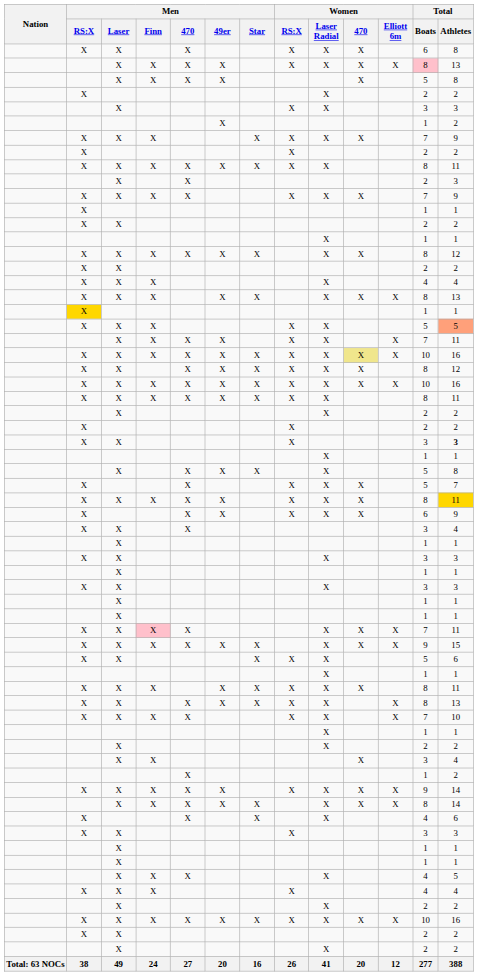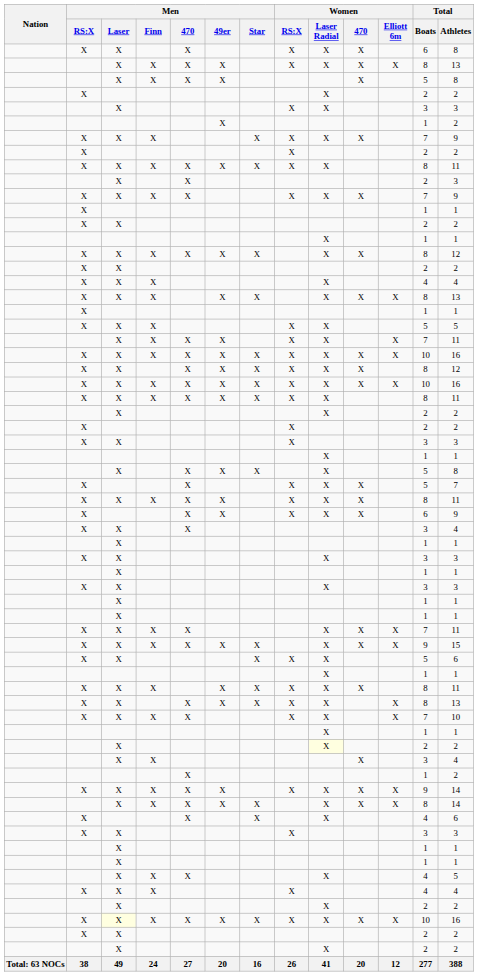 <table class=wikitable style="text-align:center; font-size:90%">
 <tr>
 <th rowspan="2" align="left">Nation</th>
 <th colspan="6">Men</th>
 <th colspan="4">Women</th>
 <th colspan=2>Total</th>
 </tr>
 <tr>
 <th width=50><a href='#'>RS:X</a></th>
 <th width=50><a href='#'>Laser</a></th>
 <th width=50><a href='#'>Finn</a></th>
 <th width=50><a href='#'>470</a></th>
 <th width=50><a href='#'>49er</a></th>
 <th width=50><a href='#'>Star</a></th>
 <th width=50><a href='#'>RS:X</a></th>
 <th width=50><a href='#'>Laser Radial</a></th>
 <th width=50><a href='#'>470</a></th>
 <th width=50><a href='#'>Elliott 6m</a></th>
 <th width=35>Boats</th>
 <th width=49>Athletes</th>
 </tr>
 <tr>
 <td align=left></td>
 <td>X</td>
 <td>X</td>
 <td></td>
 <td>X</td>
 <td></td>
 <td></td>
 <td>X</td>
 <td>X</td>
 <td>X</td>
 <td></td>
 <td>6</td>
 <td>8</td>
 </tr>
 <tr>
 <td align=left></td>
 <td></td>
 <td>X</td>
 <td>X</td>
 <td>X</td>
 <td>X</td>
 <td></td>
 <td>X</td>
 <td>X</td>
 <td>X</td>
 <td>X</td>
-<td style="background: pink;">8</td>
+<td>8</td>
 <td>13</td>
 </tr>
 <tr>
 <td align=left></td>
 <td></td>
 <td>X</td>
 <td>X</td>
 <td>X</td>
 <td>X</td>
 <td></td>
 <td></td>
 <td></td>
 <td>X</td>
 <td></td>
 <td>5</td>
 <td>8</td>
 </tr>
 <tr>
 <td align=left></td>
 <td>X</td>
 <td></td>
 <td></td>
 <td></td>
 <td></td>
 <td></td>
 <td></td>
 <td>X</td>
 <td></td>
 <td></td>
 <td>2</td>
 <td>2</td>
 </tr>
 <tr>
 <td align=left></td>
 <td></td>
 <td>X</td>
 <td></td>
 <td></td>
 <td></td>
 <td></td>
 <td>X</td>
 <td>X</td>
 <td></td>
 <td></td>
 <td>3</td>
 <td>3</td>
 </tr>
 <tr>
 <td align=left></td>
 <td></td>
 <td></td>
 <td></td>
 <td></td>
 <td>X</td>
 <td></td>
 <td></td>
 <td></td>
 <td></td>
 <td></td>
 <td>1</td>
 <td>2</td>
 </tr>
 <tr>
 <td align=left></td>
 <td>X</td>
 <td>X</td>
 <td>X</td>
 <td></td>
 <td></td>
 <td>X</td>
 <td>X</td>
 <td>X</td>
 <td>X</td>
 <td></td>
 <td>7</td>
 <td>9</td>
 </tr>
 <tr>
 <td align=left></td>
 <td>X</td>
 <td></td>
 <td></td>
 <td></td>
 <td></td>
 <td></td>
 <td>X</td>
 <td></td>
 <td></td>
 <td></td>
 <td>2</td>
 <td>2</td>
 </tr>
 <tr>
 <td align=left></td>
 <td>X</td>
 <td>X</td>
 <td>X</td>
 <td>X</td>
 <td>X</td>
 <td>X</td>
 <td>X</td>
 <td>X</td>
 <td></td>
 <td></td>
 <td>8</td>
 <td>11</td>
 </tr>
 <tr>
 <td align=left></td>
 <td></td>
 <td>X</td>
 <td></td>
 <td>X</td>
 <td></td>
 <td></td>
 <td></td>
 <td></td>
 <td></td>
 <td></td>
 <td>2</td>
 <td>3</td>
 </tr>
 <tr>
 <td align=left></td>
 <td>X</td>
 <td>X</td>
 <td>X</td>
 <td>X</td>
 <td></td>
 <td></td>
 <td>X</td>
 <td>X</td>
 <td>X</td>
 <td></td>
 <td>7</td>
 <td>9</td>
 </tr>
 <tr>
 <td align=left></td>
 <td>X</td>
 <td></td>
 <td></td>
 <td></td>
 <td></td>
 <td></td>
 <td></td>
 <td></td>
 <td></td>
 <td></td>
 <td>1</td>
 <td>1</td>
 </tr>
 <tr>
 <td align=left></td>
 <td>X</td>
 <td>X</td>
 <td></td>
 <td></td>
 <td></td>
 <td></td>
 <td></td>
 <td></td>
 <td></td>
 <td></td>
 <td>2</td>
 <td>2</td>
 </tr>
 <tr>
 <td align=left></td>
 <td></td>
 <td></td>
 <td></td>
 <td></td>
 <td></td>
 <td></td>
 <td></td>
 <td>X</td>
 <td></td>
 <td></td>
 <td>1</td>
 <td>1</td>
 </tr>
 <tr>
 <td align=left></td>
 <td>X</td>
 <td>X</td>
 <td>X</td>
 <td>X</td>
 <td>X</td>
 <td>X</td>
 <td></td>
 <td>X</td>
 <td>X</td>
 <td></td>
 <td>8</td>
 <td>12</td>
 </tr>
 <tr>
 <td align=left></td>
 <td>X</td>
 <td>X</td>
 <td></td>
 <td></td>
 <td></td>
 <td></td>
 <td></td>
 <td></td>
 <td></td>
 <td></td>
 <td>2</td>
 <td>2</td>
 </tr>
 <tr>
 <td align=left></td>
 <td>X</td>
 <td>X</td>
 <td>X</td>
 <td></td>
 <td></td>
 <td></td>
 <td></td>
 <td>X</td>
 <td></td>
 <td></td>
 <td>4</td>
 <td>4</td>
 </tr>
 <tr>
 <td align=left></td>
 <td>X</td>
 <td>X</td>
 <td>X</td>
 <td></td>
 <td>X</td>
 <td>X</td>
 <td></td>
 <td>X</td>
 <td>X</td>
 <td>X</td>
 <td>8</td>
 <td>13</td>
 </tr>
 <tr>
 <td align=left></td>
-<td style="background: gold;">X</td>
+<td>X</td>
 <td></td>
 <td></td>
 <td></td>
 <td></td>
 <td></td>
 <td></td>
 <td></td>
 <td></td>
 <td></td>
 <td>1</td>
 <td>1</td>
 </tr>
 <tr>
 <td align=left></td>
 <td>X</td>
 <td>X</td>
 <td>X</td>
 <td></td>
 <td></td>
 <td></td>
 <td>X</td>
 <td>X</td>
 <td></td>
 <td></td>
 <td>5</td>
-<td style="background: lightsalmon;">5</td>
+<td>5</td>
 </tr>
 <tr>
 <td align=left></td>
 <td></td>
 <td>X</td>
 <td>X</td>
 <td>X</td>
 <td>X</td>
 <td></td>
 <td>X</td>
 <td>X</td>
 <td></td>
 <td>X</td>
 <td>7</td>
 <td>11</td>
 </tr>
 <tr>
 <td align=left></td>
 <td>X</td>
 <td>X</td>
 <td>X</td>
 <td>X</td>
 <td>X</td>
 <td>X</td>
 <td>X</td>
 <td>X</td>
-<td style="background: khaki;">X</td>
+<td>X</td>
 <td>X</td>
 <td>10</td>
 <td>16</td>
 </tr>
 <tr>
 <td align=left></td>
 <td>X</td>
 <td>X</td>
 <td></td>
 <td>X</td>
 <td>X</td>
 <td>X</td>
 <td>X</td>
 <td>X</td>
 <td>X</td>
 <td></td>
 <td>8</td>
 <td>12</td>
 </tr>
 <tr>
 <td align=left></td>
 <td>X</td>
 <td>X</td>
 <td>X</td>
 <td>X</td>
 <td>X</td>
 <td>X</td>
 <td>X</td>
 <td>X</td>
 <td>X</td>
 <td>X</td>
 <td>10</td>
 <td>16</td>
 </tr>
 <tr>
 <td align=left></td>
 <td>X</td>
 <td>X</td>
 <td>X</td>
 <td>X</td>
 <td>X</td>
 <td>X</td>
 <td>X</td>
 <td>X</td>
 <td></td>
 <td></td>
 <td>8</td>
 <td>11</td>
 </tr>
 <tr>
 <td align=left></td>
 <td></td>
 <td>X</td>
 <td></td>
 <td></td>
 <td></td>
 <td></td>
 <td></td>
 <td>X</td>
 <td></td>
 <td></td>
 <td>2</td>
 <td>2</td>
 </tr>
 <tr>
 <td align=left></td>
 <td>X</td>
 <td></td>
 <td></td>
 <td></td>
 <td></td>
 <td></td>
 <td>X</td>
 <td></td>
 <td></td>
 <td></td>
 <td>2</td>
 <td>2</td>
 </tr>
 <tr>
 <td align=left></td>
 <td>X</td>
 <td>X</td>
 <td></td>
 <td></td>
 <td></td>
 <td></td>
 <td>X</td>
 <td></td>
 <td></td>
 <td></td>
 <td>3</td>
-<td><strong>3</strong></td>
+<td>3</td>
 </tr>
 <tr>
 <td align=left></td>
 <td></td>
 <td></td>
 <td></td>
 <td></td>
 <td></td>
 <td></td>
 <td></td>
 <td>X</td>
 <td></td>
 <td></td>
 <td>1</td>
 <td>1</td>
 </tr>
 <tr>
 <td align=left></td>
 <td></td>
 <td>X</td>
 <td></td>
 <td>X</td>
 <td>X</td>
 <td>X</td>
 <td></td>
 <td>X</td>
 <td></td>
 <td></td>
 <td>5</td>
 <td>8</td>
 </tr>
 <tr>
 <td align=left></td>
 <td>X</td>
 <td></td>
 <td></td>
 <td>X</td>
 <td></td>
 <td></td>
 <td>X</td>
 <td>X</td>
 <td>X</td>
 <td></td>
 <td>5</td>
 <td>7</td>
 </tr>
 <tr>
 <td align=left></td>
 <td>X</td>
 <td>X</td>
 <td>X</td>
 <td>X</td>
 <td>X</td>
 <td></td>
 <td>X</td>
 <td>X</td>
 <td>X</td>
 <td></td>
 <td>8</td>
-<td style="background: gold;">11</td>
+<td>11</td>
 </tr>
 <tr>
 <td align=left></td>
 <td>X</td>
 <td></td>
 <td></td>
 <td>X</td>
 <td>X</td>
 <td></td>
 <td>X</td>
 <td>X</td>
 <td>X</td>
 <td></td>
 <td>6</td>
 <td>9</td>
 </tr>
 <tr>
 <td align=left></td>
 <td>X</td>
 <td>X</td>
 <td></td>
 <td>X</td>
 <td></td>
 <td></td>
 <td></td>
 <td></td>
 <td></td>
 <td></td>
 <td>3</td>
 <td>4</td>
 </tr>
 <tr>
 <td align=left></td>
 <td></td>
 <td>X</td>
 <td></td>
 <td></td>
 <td></td>
 <td></td>
 <td></td>
 <td></td>
 <td></td>
 <td></td>
 <td>1</td>
 <td>1</td>
 </tr>
 <tr>
 <td align=left></td>
 <td>X</td>
 <td>X</td>
 <td></td>
 <td></td>
 <td></td>
 <td></td>
 <td></td>
 <td>X</td>
 <td></td>
 <td></td>
 <td>3</td>
 <td>3</td>
 </tr>
 <tr>
 <td align=left></td>
 <td></td>
 <td>X</td>
 <td></td>
 <td></td>
 <td></td>
 <td></td>
 <td></td>
 <td></td>
 <td></td>
 <td></td>
 <td>1</td>
 <td>1</td>
 </tr>
 <tr>
 <td align=left></td>
 <td>X</td>
 <td>X</td>
 <td></td>
 <td></td>
 <td></td>
 <td></td>
 <td></td>
 <td>X</td>
 <td></td>
 <td></td>
 <td>3</td>
 <td>3</td>
 </tr>
 <tr>
 <td align=left></td>
 <td></td>
 <td>X</td>
 <td></td>
 <td></td>
 <td></td>
 <td></td>
 <td></td>
 <td></td>
 <td></td>
 <td></td>
 <td>1</td>
 <td>1</td>
 </tr>
 <tr>
 <td align=left></td>
 <td></td>
 <td>X</td>
 <td></td>
 <td></td>
 <td></td>
 <td></td>
 <td></td>
 <td></td>
 <td></td>
 <td></td>
 <td>1</td>
 <td>1</td>
 </tr>
 <tr>
 <td align=left></td>
 <td>X</td>
 <td>X</td>
-<td style="background: pink;">X</td>
+<td>X</td>
 <td>X</td>
 <td></td>
 <td></td>
 <td></td>
 <td>X</td>
 <td>X</td>
 <td>X</td>
 <td>7</td>
 <td>11</td>
 </tr>
 <tr>
 <td align=left></td>
 <td>X</td>
 <td>X</td>
 <td>X</td>
 <td>X</td>
 <td>X</td>
 <td>X</td>
 <td></td>
 <td>X</td>
 <td>X</td>
 <td>X</td>
 <td>9</td>
 <td>15</td>
 </tr>
 <tr>
 <td align=left></td>
 <td>X</td>
 <td>X</td>
 <td></td>
 <td></td>
 <td></td>
 <td>X</td>
 <td>X</td>
 <td>X</td>
 <td></td>
 <td></td>
 <td>5</td>
 <td>6</td>
 </tr>
 <tr>
 <td align=left></td>
 <td></td>
 <td></td>
 <td></td>
 <td></td>
 <td></td>
 <td></td>
 <td></td>
 <td>X</td>
 <td></td>
 <td></td>
 <td>1</td>
 <td>1</td>
 </tr>
 <tr>
 <td align=left></td>
 <td>X</td>
 <td>X</td>
 <td>X</td>
 <td></td>
 <td>X</td>
 <td>X</td>
 <td>X</td>
 <td>X</td>
 <td>X</td>
 <td></td>
 <td>8</td>
 <td>11</td>
 </tr>
 <tr>
 <td align=left></td>
 <td>X</td>
 <td>X</td>
 <td></td>
 <td>X</td>
 <td>X</td>
 <td>X</td>
 <td>X</td>
 <td>X</td>
 <td></td>
 <td>X</td>
 <td>8</td>
 <td>13</td>
 </tr>
 <tr>
 <td align=left></td>
 <td>X</td>
 <td>X</td>
 <td>X</td>
 <td>X</td>
 <td></td>
 <td></td>
 <td>X</td>
 <td>X</td>
 <td></td>
 <td>X</td>
 <td>7</td>
 <td>10</td>
 </tr>
 <tr>
 <td align=left></td>
 <td></td>
 <td></td>
 <td></td>
 <td></td>
 <td></td>
 <td></td>
 <td></td>
 <td>X</td>
 <td></td>
 <td></td>
 <td>1</td>
 <td>1</td>
 </tr>
 <tr>
 <td align=left></td>
 <td></td>
 <td>X</td>
 <td></td>
 <td></td>
 <td></td>
 <td></td>
 <td></td>
-<td>X</td>
+<td style="background: lightyellow;">X</td>
 <td></td>
 <td></td>
 <td>2</td>
 <td>2</td>
 </tr>
 <tr>
 <td align=left></td>
 <td></td>
 <td>X</td>
 <td>X</td>
 <td></td>
 <td></td>
 <td></td>
 <td></td>
 <td></td>
 <td>X</td>
 <td></td>
 <td>3</td>
 <td>4</td>
 </tr>
 <tr>
 <td align=left></td>
 <td></td>
 <td></td>
 <td></td>
 <td>X</td>
 <td></td>
 <td></td>
 <td></td>
 <td></td>
 <td></td>
 <td></td>
 <td>1</td>
 <td>2</td>
 </tr>
 <tr>
 <td align=left></td>
 <td>X</td>
 <td>X</td>
 <td>X</td>
 <td>X</td>
 <td>X</td>
 <td></td>
 <td>X</td>
 <td>X</td>
 <td>X</td>
 <td>X</td>
 <td>9</td>
 <td>14</td>
 </tr>
 <tr>
 <td align=left></td>
 <td></td>
 <td>X</td>
 <td>X</td>
 <td>X</td>
 <td>X</td>
 <td>X</td>
 <td></td>
 <td>X</td>
 <td>X</td>
 <td>X</td>
 <td>8</td>
 <td>14</td>
 </tr>
 <tr>
 <td align=left></td>
 <td>X</td>
 <td></td>
 <td></td>
 <td>X</td>
 <td></td>
 <td>X</td>
 <td></td>
 <td>X</td>
 <td></td>
 <td></td>
 <td>4</td>
 <td>6</td>
 </tr>
 <tr>
 <td align=left></td>
 <td>X</td>
 <td>X</td>
 <td></td>
 <td></td>
 <td></td>
 <td></td>
 <td>X</td>
 <td></td>
 <td></td>
 <td></td>
 <td>3</td>
 <td>3</td>
 </tr>
 <tr>
 <td align=left></td>
 <td></td>
 <td>X</td>
 <td></td>
 <td></td>
 <td></td>
 <td></td>
 <td></td>
 <td></td>
 <td></td>
 <td></td>
 <td>1</td>
 <td>1</td>
 </tr>
 <tr>
 <td align=left></td>
 <td></td>
 <td>X</td>
 <td></td>
 <td></td>
 <td></td>
 <td></td>
 <td></td>
 <td></td>
 <td></td>
 <td></td>
 <td>1</td>
 <td>1</td>
 </tr>
 <tr>
 <td align=left></td>
 <td></td>
 <td>X</td>
 <td>X</td>
 <td>X</td>
 <td></td>
 <td></td>
 <td></td>
 <td>X</td>
 <td></td>
 <td></td>
 <td>4</td>
 <td>5</td>
 </tr>
 <tr>
 <td align=left></td>
 <td>X</td>
 <td>X</td>
 <td>X</td>
 <td></td>
 <td></td>
 <td></td>
 <td>X</td>
 <td></td>
 <td></td>
 <td></td>
 <td>4</td>
 <td>4</td>
 </tr>
 <tr>
 <td align=left></td>
 <td></td>
 <td>X</td>
 <td></td>
 <td></td>
 <td></td>
 <td></td>
 <td></td>
 <td>X</td>
 <td></td>
 <td></td>
 <td>2</td>
 <td>2</td>
 </tr>
 <tr>
 <td align=left></td>
 <td>X</td>
-<td>X</td>
+<td style="background: lightyellow;">X</td>
 <td>X</td>
 <td>X</td>
 <td>X</td>
 <td>X</td>
 <td>X</td>
 <td>X</td>
 <td>X</td>
 <td>X</td>
 <td>10</td>
 <td>16</td>
 </tr>
 <tr>
 <td align=left></td>
 <td>X</td>
 <td>X</td>
 <td></td>
 <td></td>
 <td></td>
 <td></td>
 <td></td>
 <td></td>
 <td></td>
 <td></td>
 <td>2</td>
 <td>2</td>
 </tr>
 <tr>
 <td align=left></td>
 <td></td>
 <td>X</td>
 <td></td>
 <td></td>
 <td></td>
 <td></td>
 <td></td>
 <td>X</td>
 <td></td>
 <td></td>
 <td>2</td>
 <td>2</td>
 </tr>
 <tr>
 <th>Total: 63 NOCs</th>
 <th>38</th>
 <th>49</th>
 <th>24</th>
 <th>27</th>
 <th>20</th>
 <th>16</th>
 <th>26</th>
 <th>41</th>
 <th>20</th>
 <th>12</th>
 <th>277</th>
 <th>388</th>
 </tr>
 </table>
